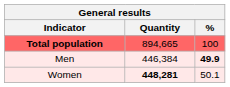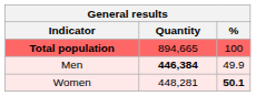 <table class="wikitable" id="cx10" style="text-align:center;clear:all; margin-right:8px; font-size:85%;" width="24%">
 <tr>
 <th colspan="8" id="13">General results</th>
 </tr>
 <tr id="15">
 <th id="16" width="35%">Indicator</th>
 <th id="18" width="20%">Quantity</th>
 <th id="20" width="5%">%</th>
 </tr>
 <tr bgcolor="#FF6666" id="22">
 <td id="23"><strong>Total population</strong></td>
 <td align="center" id="25">894,665</td>
 <td align="center" id="27">100</td>
 </tr>
 <tr bgcolor="#FFE8E8" id="29">
 <td id="30">Men</td>
-<td align="center" id="32">446,384</td>
-<td align="center" id="34"><strong>49.9</strong></td>
+<td align="center" id="32"><strong>446,384</strong></td>
+<td align="center" id="34">49.9</td>
 </tr>
 <tr bgcolor="#FFE8E8" id="36">
 <td id="37">Women</td>
-<td align="center" id="39"><strong>448,281</strong></td>
-<td align="center" id="41">50.1</td>
+<td align="center" id="39">448,281</td>
+<td align="center" id="41"><strong>50.1</strong></td>
 </tr>
 </table>
